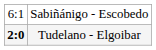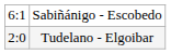 <table class="wikitable">
 <tr align=center bgcolor=white>
 <td>6:1</td>
 <td>Sabiñánigo - Escobedo</td>
 </tr>
 <tr align=center bgcolor=#F5F5F5>
-<td><strong>2:0</strong></td>
+<td>2:0</td>
 <td>Tudelano - Elgoibar</td>
 </tr>
 </table>
